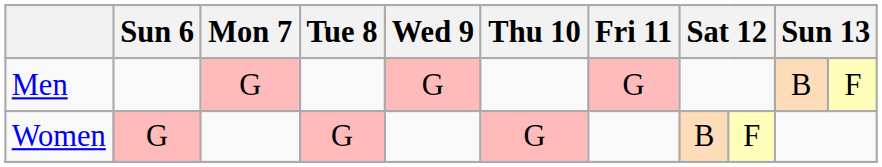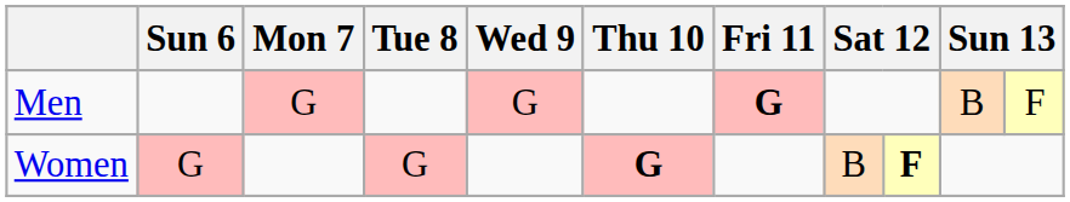 <table class="wikitable" style="margin:0.5em auto; font-size:90%; line-height:1.25em;text-align:center">
 <tr>
 <th></th>
 <th>Sun 6</th>
 <th>Mon 7</th>
 <th>Tue 8</th>
 <th>Wed 9</th>
 <th>Thu 10</th>
 <th>Fri 11</th>
 <th colspan="2">Sat 12</th>
 <th colspan="2">Sun 13</th>
 </tr>
 <tr>
 <td align="left"><a href='#'>Men</a></td>
 <td></td>
 <td bgcolor="#FFBBBB">G</td>
 <td></td>
 <td bgcolor="#FFBBBB">G</td>
 <td></td>
-<td bgcolor="#FFBBBB">G</td>
+<td bgcolor="#FFBBBB"><strong>G</strong></td>
 <td colspan="2"></td>
 <td bgcolor="#FEDCBA">B</td>
 <td bgcolor="#FFFFBB">F</td>
 </tr>
 <tr>
 <td align="left"><a href='#'>Women</a></td>
 <td bgcolor="#FFBBBB">G</td>
 <td></td>
 <td bgcolor="#FFBBBB">G</td>
 <td></td>
-<td bgcolor="#FFBBBB">G</td>
+<td bgcolor="#FFBBBB"><strong>G</strong></td>
 <td></td>
 <td bgcolor="#FEDCBA">B</td>
-<td bgcolor="#FFFFBB">F</td>
+<td bgcolor="#FFFFBB"><strong>F</strong></td>
 <td colspan="2"></td>
 </tr>
 </table>
